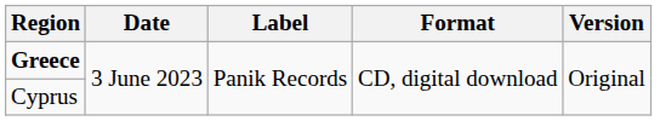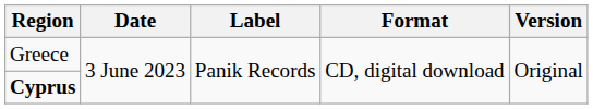 <table class="sortable wikitable">
 <tr>
 <th>Region</th>
 <th>Date</th>
 <th>Label</th>
 <th>Format</th>
 <th>Version</th>
 </tr>
 <tr>
-<td><strong>Greece</strong></td>
+<td>Greece</td>
 <td rowspan="2">3 June 2023</td>
 <td rowspan="4">Panik Records</td>
 <td rowspan="4">CD, digital download</td>
 <td rowspan="2">Original</td>
 </tr>
 <tr>
-<td>Cyprus</td>
+<td><strong>Cyprus</strong></td>
 </tr>
 </table>
